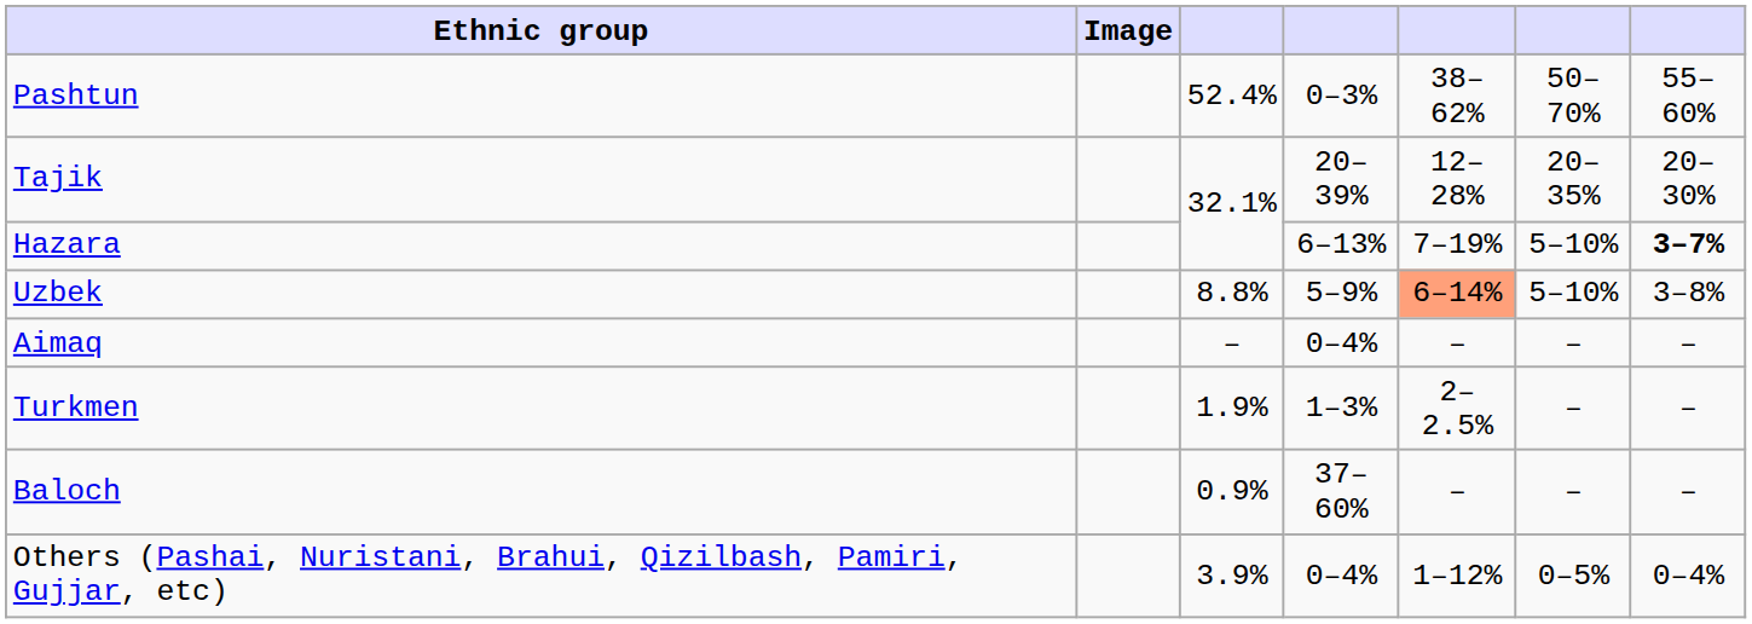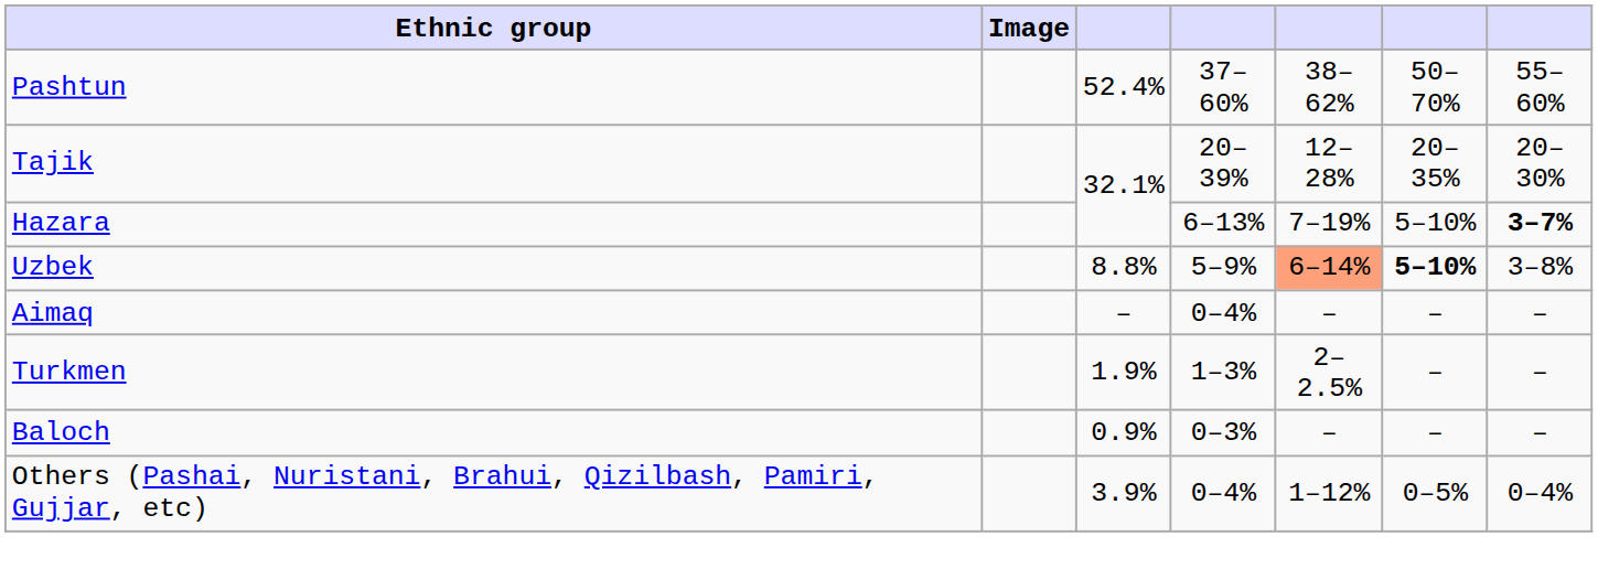 <table class="wikitable sortable"  style="width:60%; float:center;">
 <tr>
 <th style="background:#ddf">Ethnic group</th>
 <th style="background:#ddf">Image</th>
 <th style="background:#ddf"></th>
 <th style="background:#ddf"><br></th>
 <th style="background:#ddf"><br></th>
 <th style="background:#ddf"><br></th>
 <th style="background:#ddf"></th>
 </tr>
 <tr>
 <td><a href='#'>Pashtun</a></td>
 <td></td>
 <td align=center>52.4%</td>
-<td align=center>0–3%<br></td>
+<td align=center>37–60%<br></td>
 <td align=center>38–62%<br></td>
 <td align=center>50–70%<br></td>
 <td align=center>55–60%<br></td>
 </tr>
 <tr>
 <td><a href='#'>Tajik</a></td>
 <td></td>
 <td align=center rowspan="2">32.1%</td>
 <td align=center>20–39%<br></td>
 <td align=center>12–28%<br></td>
 <td align=center>20–35%<br></td>
 <td align=center>20–30%<br></td>
 </tr>
 <tr>
 <td><a href='#'>Hazara</a></td>
 <td></td>
 <td align=center>6–13%<br></td>
 <td align=center>7–19%<br></td>
 <td align=center>5–10%<br></td>
 <td align=center><strong>3–7%<br></strong></td>
 </tr>
 <tr>
 <td><a href='#'>Uzbek</a></td>
 <td></td>
 <td align=center>8.8%</td>
 <td align=center>5–9%<br></td>
 <td align=center style="background: lightsalmon;">6–14%<br></td>
-<td align=center>5–10%<br></td>
+<td align=center><strong>5–10%<br></strong></td>
 <td align=center>3–8%<br></td>
 </tr>
 <tr>
 <td><a href='#'>Aimaq</a></td>
 <td></td>
 <td align=center>–</td>
 <td align=center>0–4%<br></td>
 <td align=center>–</td>
 <td align=center>–</td>
 <td align=center>–</td>
 </tr>
 <tr>
 <td><a href='#'>Turkmen</a></td>
 <td></td>
 <td align=center>1.9%</td>
 <td align=center>1–3%<br></td>
 <td align=center>2–2.5%<br></td>
 <td align=center>–</td>
 <td align=center>–</td>
 </tr>
 <tr>
 <td><a href='#'>Baloch</a></td>
 <td></td>
 <td align=center>0.9%</td>
-<td align=center>37–60%<br></td>
+<td align=center>0–3%<br></td>
 <td align=center>–</td>
 <td align=center>–</td>
 <td align=center>–</td>
 </tr>
 <tr>
 <td>Others (<a href='#'>Pashai</a>, <a href='#'>Nuristani</a>, <a href='#'>Brahui</a>, <a href='#'>Qizilbash</a>, <a href='#'>Pamiri</a>, <a href='#'>Gujjar</a>, etc)</td>
 <td></td>
 <td align=center>3.9%</td>
 <td align=center>0–4%<br></td>
 <td align=center>1–12%<br></td>
 <td align=center>0–5%<br></td>
 <td align=center>0–4%<br></td>
 </tr>
 </table>
